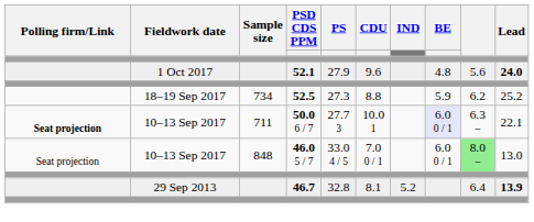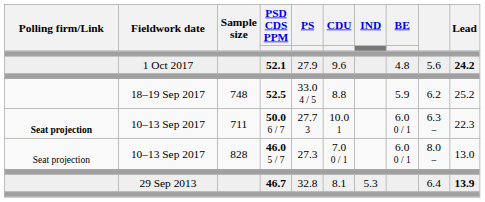 <table class="wikitable collapsible sortable" style="text-align:center; font-size:95%; line-height:16px;">
 <tr style="height:42px;">
 <th style="width:145px;" rowspan="2">Polling firm/Link</th>
 <th style="width:125px;" rowspan="2">Fieldwork date</th>
 <th class="unsortable" style="width:50px;" rowspan="2">Sample size</th>
 <th class="unsortable" style="width:35px;"><a href='#'>PSD</a><br><a href='#'>CDS</a><br><a href='#'>PPM</a></th>
 <th class="unsortable" style="width:35px;"><a href='#'>PS</a></th>
 <th class="unsortable" style="width:35px;"><a href='#'>CDU</a></th>
 <th class="unsortable" style="width:35px;"><a href='#'>IND</a></th>
 <th class="unsortable" style="width:35px;"><a href='#'>BE</a></th>
 <th class="unsortable" style="width:35px;" rowspan="2"></th>
 <th class="unsortable" style="width:30px;" rowspan="2">Lead</th>
 </tr>
 <tr>
 <th class="unsortable" style="color:inherit;background:"></th>
 <th class="unsortable" style="color:inherit;background:"></th>
 <th class="unsortable" style="color:inherit;background:"></th>
 <th class="unsortable" style="color:inherit;background:#777777;"></th>
 <th class="unsortable" style="color:inherit;background:"></th>
 </tr>
 <tr>
 <td colspan="10" style="background:#A0A0A0"></td>
 </tr>
 <tr style="background:#EFEFEF;">
 <td><strong></strong></td>
 <td data-sort-value="2019-10-06">1 Oct 2017</td>
 <td></td>
 <td><strong>52.1</strong><br></td>
 <td>27.9<br></td>
 <td>9.6<br></td>
 <td></td>
 <td>4.8<br></td>
 <td>5.6<br></td>
-<td style="background:"><strong>24.0</strong></td>
+<td style="background:"><strong>24.2</strong></td>
 </tr>
 <tr>
 <td colspan="10" style="background:#A0A0A0"></td>
 </tr>
 <tr>
 <td align="center"></td>
 <td align="center">18–19 Sep 2017</td>
-<td>734</td>
+<td>748</td>
 <td align="center" ><strong>52.5</strong></td>
-<td align="center">27.3</td>
+<td align="center">33.0<br><small>4 / 5</small></td>
 <td>8.8<br></td>
 <td></td>
 <td align="center">5.9</td>
 <td align="center">6.2</td>
 <td style="background:">25.2</td>
 </tr>
 <tr>
 <td align="center"><strong><br><small>Seat projection</small></strong></td>
 <td align="center">10–13 Sep 2017</td>
 <td>711</td>
 <td align="center" ><strong>50.0</strong><br><small>6 / 7</small></td>
 <td align="center">27.7<br><small>3</small></td>
 <td align="center">10.0<br><small>1</small></td>
 <td></td>
-<td align="center" style="background: lavender;">6.0<br><small>0 / 1</small></td>
+<td align="center">6.0<br><small>0 / 1</small></td>
 <td align="center">6.3<br><small>–</small></td>
-<td style="background:">22.1</td>
+<td style="background:">22.3</td>
 </tr>
 <tr>
 <td align="center"><br><small>Seat projection</small></td>
 <td align="center">10–13 Sep 2017</td>
-<td>848</td>
+<td>828</td>
 <td align="center" ><strong>46.0</strong><br><small>5 / 7</small></td>
-<td align="center">33.0<br><small>4 / 5</small></td>
+<td align="center">27.3</td>
 <td align="center">7.0<br><small>0 / 1</small></td>
 <td></td>
 <td align="center">6.0<br><small>0 / 1</small></td>
-<td align="center" style="background: lightgreen;">8.0<br><small>–</small></td>
+<td align="center">8.0<br><small>–</small></td>
 <td style="background:">13.0</td>
 </tr>
 <tr>
 <td colspan="10" style="background:#A0A0A0"></td>
 </tr>
 <tr style="background:#EFEFEF;">
 <td><strong></strong></td>
 <td data-sort-value="2019-10-06">29 Sep 2013</td>
 <td></td>
 <td><strong>46.7</strong><br></td>
 <td>32.8<br></td>
 <td align="center">8.1</td>
-<td>5.2<br></td>
+<td>5.3<br></td>
 <td></td>
 <td>6.4<br></td>
 <td style="background:"><strong>13.9</strong></td>
 </tr>
 <tr>
 <td colspan="10" style="background:#A0A0A0"></td>
 </tr>
 </table>
